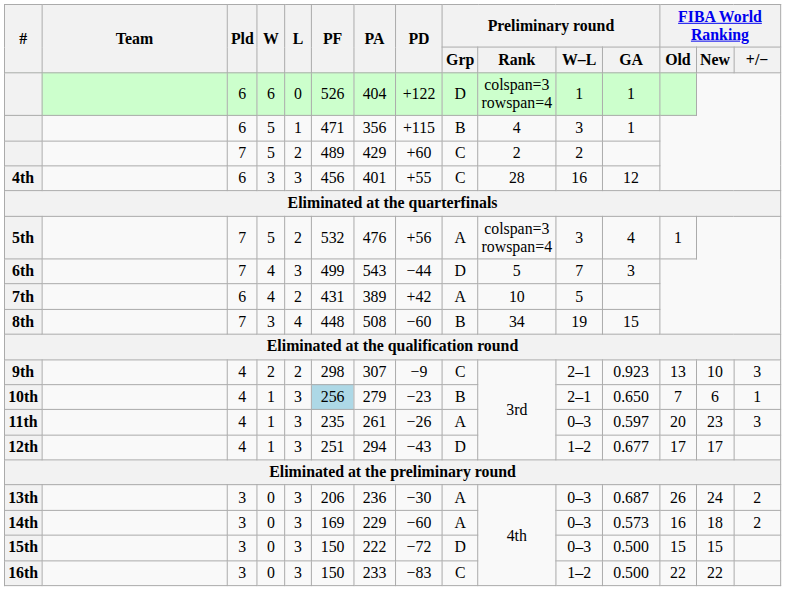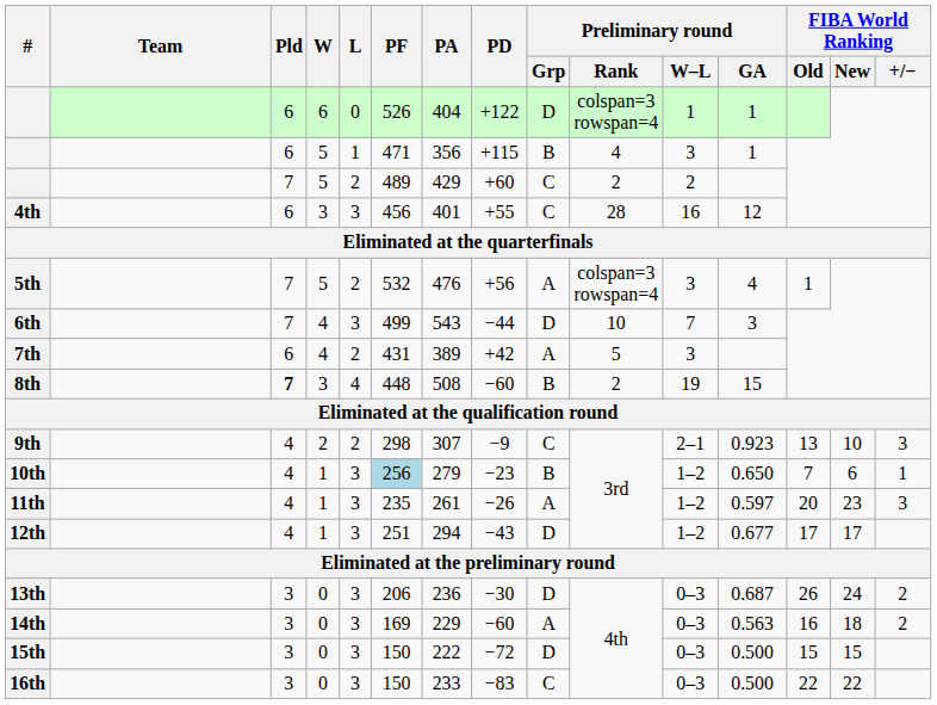 <table class=wikitable style="text-align:center;">
 <tr>
 <th rowspan=2>#</th>
 <th width=180px rowspan=2>Team</th>
 <th width=20px rowspan=2>Pld</th>
 <th width=20px rowspan=2>W</th>
 <th width=20px rowspan=2>L</th>
 <th width=35px rowspan=2>PF</th>
 <th width=35px rowspan=2>PA</th>
 <th width=40px rowspan=2>PD</th>
 <th colspan=4>Preliminary round</th>
 <th colspan=3><a href='#'>FIBA World Ranking</a></th>
 </tr>
 <tr>
 <th width=20px>Grp</th>
 <th width=20px>Rank</th>
 <th width=40px>W–L</th>
 <th width=50px>GA</th>
 <th width=30px>Old</th>
 <th width=30px>New</th>
 <th width=40px>+/−</th>
 </tr>
 <tr bgcolor=#ccffcc>
 <th></th>
 <td align=left></td>
 <td>6</td>
 <td>6</td>
 <td>0</td>
 <td>526</td>
 <td>404</td>
 <td>+122</td>
 <td>D</td>
 <td>colspan=3 rowspan=4  </td>
 <td>1</td>
 <td>1</td>
 <td></td>
 </tr>
 <tr>
 <th></th>
 <td align=left></td>
 <td>6</td>
 <td>5</td>
 <td>1</td>
 <td>471</td>
 <td>356</td>
 <td>+115</td>
 <td>B</td>
 <td>4</td>
 <td>3</td>
 <td> 1</td>
 </tr>
 <tr>
 <th></th>
 <td align=left></td>
 <td>7</td>
 <td>5</td>
 <td>2</td>
 <td>489</td>
 <td>429</td>
 <td>+60</td>
 <td>C</td>
 <td>2</td>
 <td>2</td>
 <td></td>
 </tr>
 <tr>
 <th>4th</th>
 <td align=left></td>
 <td>6</td>
 <td>3</td>
 <td>3</td>
 <td>456</td>
 <td>401</td>
 <td>+55</td>
 <td>C</td>
 <td>28</td>
 <td>16</td>
 <td> 12</td>
 </tr>
 <tr>
 <th colspan=15>Eliminated at the quarterfinals</th>
 </tr>
 <tr>
 <th>5th</th>
 <td align=left></td>
 <td>7</td>
 <td>5</td>
 <td>2</td>
 <td>532</td>
 <td>476</td>
 <td>+56</td>
 <td>A</td>
 <td>colspan=3 rowspan=4 </td>
 <td>3</td>
 <td>4</td>
 <td> 1</td>
 </tr>
 <tr>
 <th>6th</th>
 <td align=left></td>
 <td>7</td>
 <td>4</td>
 <td>3</td>
 <td>499</td>
 <td>543</td>
 <td>−44</td>
 <td>D</td>
-<td>5</td>
+<td>10</td>
 <td>7</td>
 <td> 3</td>
 </tr>
 <tr>
 <th>7th</th>
 <td align=left></td>
 <td>6</td>
 <td>4</td>
 <td>2</td>
 <td>431</td>
 <td>389</td>
 <td>+42</td>
 <td>A</td>
-<td>10</td>
 <td>5</td>
+<td>3</td>
 <td></td>
 </tr>
 <tr>
 <th>8th</th>
 <td align=left></td>
-<td>7</td>
+<td><strong>7</strong></td>
 <td>3</td>
 <td>4</td>
 <td>448</td>
 <td>508</td>
 <td>−60</td>
 <td>B</td>
-<td>34</td>
+<td>2</td>
 <td>19</td>
 <td> 15</td>
 </tr>
 <tr>
 <th colspan=15>Eliminated at the qualification round</th>
 </tr>
 <tr>
 <th>9th</th>
 <td align=left></td>
 <td>4</td>
 <td>2</td>
 <td>2</td>
 <td>298</td>
 <td>307</td>
 <td>−9</td>
 <td>C</td>
 <td rowspan=4>3rd</td>
 <td>2–1</td>
 <td>0.923</td>
 <td>13</td>
 <td>10</td>
 <td> 3</td>
 </tr>
 <tr>
 <th>10th</th>
 <td align=left></td>
 <td>4</td>
 <td>1</td>
 <td>3</td>
 <td style="background: lightblue;">256</td>
 <td>279</td>
 <td>−23</td>
 <td>B</td>
-<td>2–1</td>
+<td>1–2</td>
 <td>0.650</td>
 <td>7</td>
 <td>6</td>
 <td> 1</td>
 </tr>
 <tr>
 <th>11th</th>
 <td align=left></td>
 <td>4</td>
 <td>1</td>
 <td>3</td>
 <td>235</td>
 <td>261</td>
 <td>−26</td>
 <td>A</td>
-<td>0–3</td>
+<td>1–2</td>
 <td>0.597</td>
 <td>20</td>
 <td>23</td>
 <td> 3</td>
 </tr>
 <tr>
 <th>12th</th>
 <td align=left></td>
 <td>4</td>
 <td>1</td>
 <td>3</td>
 <td>251</td>
 <td>294</td>
 <td>−43</td>
 <td>D</td>
 <td>1–2</td>
 <td>0.677</td>
 <td>17</td>
 <td>17</td>
 <td></td>
 </tr>
 <tr>
 <th colspan=15>Eliminated at the preliminary round</th>
 </tr>
 <tr>
 <th>13th</th>
 <td align=left></td>
 <td>3</td>
 <td>0</td>
 <td>3</td>
 <td>206</td>
 <td>236</td>
 <td>−30</td>
-<td>A</td>
+<td>D</td>
 <td rowspan=4>4th</td>
 <td>0–3</td>
 <td>0.687</td>
 <td>26</td>
 <td>24</td>
 <td> 2</td>
 </tr>
 <tr>
 <th>14th</th>
 <td align=left></td>
 <td>3</td>
 <td>0</td>
 <td>3</td>
 <td>169</td>
 <td>229</td>
 <td>−60</td>
 <td>A</td>
 <td>0–3</td>
-<td>0.573</td>
+<td>0.563</td>
 <td>16</td>
 <td>18</td>
 <td> 2</td>
 </tr>
 <tr>
 <th>15th</th>
 <td align=left></td>
 <td>3</td>
 <td>0</td>
 <td>3</td>
 <td>150</td>
 <td>222</td>
 <td>−72</td>
 <td>D</td>
 <td>0–3</td>
 <td>0.500</td>
 <td>15</td>
 <td>15</td>
 <td></td>
 </tr>
 <tr>
 <th>16th</th>
 <td align=left></td>
 <td>3</td>
 <td>0</td>
 <td>3</td>
 <td>150</td>
 <td>233</td>
 <td>−83</td>
 <td>C</td>
-<td>1–2</td>
+<td>0–3</td>
 <td>0.500</td>
 <td>22</td>
 <td>22</td>
 <td></td>
 </tr>
 </table>
